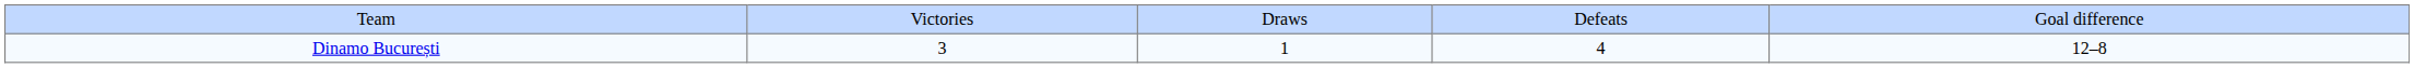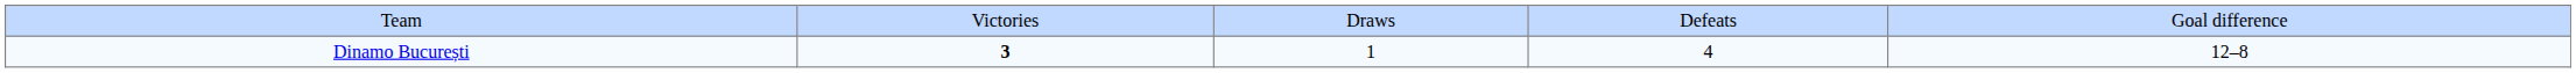 <table border=1 style="border-collapse:collapse; font-size:90%;" cellpadding=3 cellspacing=0 width=100%>
 <tr bgcolor=#C1D8FF align=center>
 <td>Team</td>
 <td>Victories</td>
 <td>Draws</td>
 <td>Defeats</td>
 <td>Goal difference</td>
 </tr>
 <tr align=center bgcolor=#F5FAFF>
 <td><a href='#'>Dinamo București</a></td>
-<td>3</td>
+<td><strong>3</strong></td>
 <td>1</td>
 <td>4</td>
 <td>12–8</td>
 </tr>
 </table>
